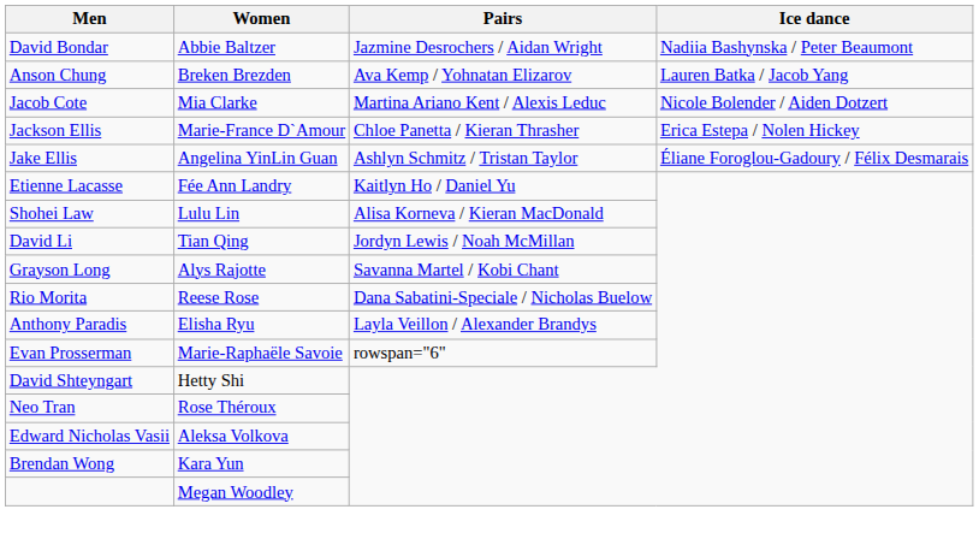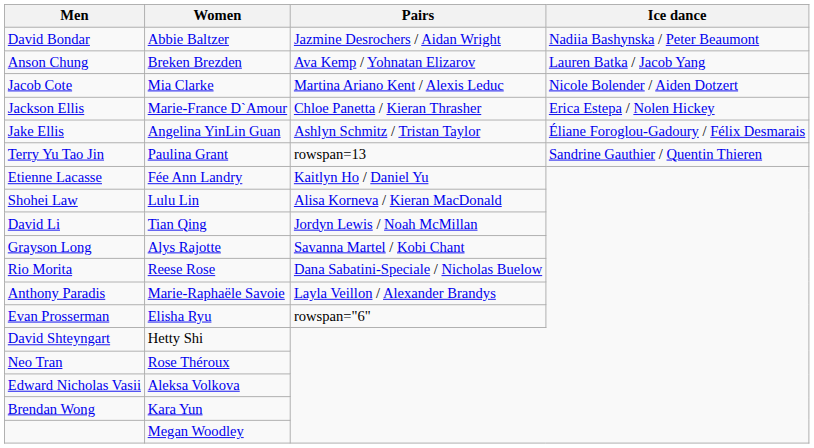 <table class="wikitable">
 <tr>
 <th>Men</th>
 <th>Women</th>
 <th>Pairs</th>
 <th>Ice dance</th>
 </tr>
 <tr>
 <td><a href='#'>David Bondar</a></td>
 <td><a href='#'>Abbie Baltzer</a></td>
 <td><a href='#'>Jazmine Desrochers</a> / <a href='#'>Aidan Wright</a></td>
 <td><a href='#'>Nadiia Bashynska</a> / <a href='#'>Peter Beaumont</a></td>
 </tr>
 <tr>
 <td><a href='#'>Anson Chung</a></td>
 <td><a href='#'>Breken Brezden</a></td>
 <td><a href='#'>Ava Kemp</a> / <a href='#'>Yohnatan Elizarov</a></td>
 <td><a href='#'>Lauren Batka</a> / <a href='#'>Jacob Yang</a></td>
 </tr>
 <tr>
 <td><a href='#'>Jacob Cote</a></td>
 <td><a href='#'>Mia Clarke</a></td>
 <td><a href='#'>Martina Ariano Kent</a> / <a href='#'>Alexis Leduc</a></td>
 <td><a href='#'>Nicole Bolender</a> / <a href='#'>Aiden Dotzert</a></td>
 </tr>
 <tr>
 <td><a href='#'>Jackson Ellis</a></td>
 <td><a href='#'>Marie-France D`Amour</a></td>
 <td><a href='#'>Chloe Panetta</a> / <a href='#'>Kieran Thrasher</a></td>
 <td><a href='#'>Erica Estepa</a> / <a href='#'>Nolen Hickey</a></td>
 </tr>
 <tr>
 <td><a href='#'>Jake Ellis</a></td>
 <td><a href='#'>Angelina YinLin Guan</a></td>
 <td><a href='#'>Ashlyn Schmitz</a> / <a href='#'>Tristan Taylor</a></td>
 <td><a href='#'>Éliane Foroglou-Gadoury</a> / <a href='#'>Félix Desmarais</a></td>
 </tr>
 <tr>
+<td><a href='#'>Terry Yu Tao Jin</a></td>
+<td><a href='#'>Paulina Grant</a></td>
+<td>rowspan=13 </td>
+<td><a href='#'>Sandrine Gauthier</a> / <a href='#'>Quentin Thieren</a></td>
+</tr>
+<tr>
 <td><a href='#'>Etienne Lacasse</a></td>
 <td><a href='#'>Fée Ann Landry</a></td>
 <td><a href='#'>Kaitlyn Ho</a> / <a href='#'>Daniel Yu</a></td>
 </tr>
 <tr>
 <td><a href='#'>Shohei Law</a></td>
 <td><a href='#'>Lulu Lin</a></td>
 <td><a href='#'>Alisa Korneva</a> / <a href='#'>Kieran MacDonald</a></td>
 </tr>
 <tr>
 <td><a href='#'>David Li</a></td>
 <td><a href='#'>Tian Qing</a></td>
 <td><a href='#'>Jordyn Lewis</a> / <a href='#'>Noah McMillan</a></td>
 </tr>
 <tr>
 <td><a href='#'>Grayson Long</a></td>
 <td><a href='#'>Alys Rajotte</a></td>
 <td><a href='#'>Savanna Martel</a> / <a href='#'>Kobi Chant</a></td>
 </tr>
 <tr>
 <td><a href='#'>Rio Morita</a></td>
 <td><a href='#'>Reese Rose</a></td>
 <td><a href='#'>Dana Sabatini-Speciale</a> / <a href='#'>Nicholas Buelow</a></td>
 </tr>
 <tr>
 <td><a href='#'>Anthony Paradis</a></td>
-<td><a href='#'>Elisha Ryu</a></td>
+<td><a href='#'>Marie-Raphaële Savoie</a></td>
 <td><a href='#'>Layla Veillon</a> / <a href='#'>Alexander Brandys</a></td>
 </tr>
 <tr>
 <td><a href='#'>Evan Prosserman</a></td>
-<td><a href='#'>Marie-Raphaële Savoie</a></td>
+<td><a href='#'>Elisha Ryu</a></td>
 <td>rowspan="6" </td>
 </tr>
 <tr>
 <td><a href='#'>David Shteyngart</a></td>
 <td>Hetty Shi</td>
 </tr>
 <tr>
 <td><a href='#'>Neo Tran</a></td>
 <td><a href='#'>Rose Théroux</a></td>
 </tr>
 <tr>
 <td><a href='#'>Edward Nicholas Vasii</a></td>
 <td><a href='#'>Aleksa Volkova</a></td>
 </tr>
 <tr>
 <td><a href='#'>Brendan Wong</a></td>
 <td><a href='#'>Kara Yun</a></td>
 </tr>
 <tr>
 <td></td>
 <td><a href='#'>Megan Woodley</a></td>
 </tr>
 </table>
